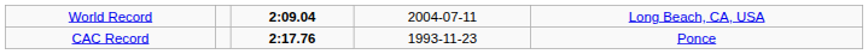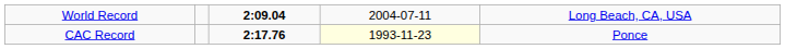 <table class="wikitable" style=" text-align:center; font-size:95%;" width="75%">
 <tr>
 <td><a href='#'>World Record</a></td>
 <td></td>
 <td><strong>2:09.04</strong></td>
 <td>2004-07-11</td>
 <td> <a href='#'>Long Beach, CA, USA</a></td>
 </tr>
 <tr>
 <td><a href='#'>CAC Record</a></td>
 <td></td>
 <td><strong>2:17.76</strong></td>
-<td>1993-11-23</td>
+<td style="background: lightyellow;">1993-11-23</td>
 <td> <a href='#'>Ponce</a></td>
 </tr>
 </table>
